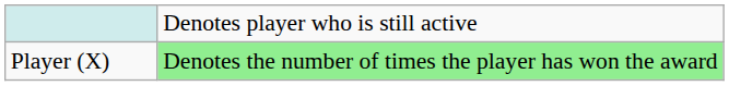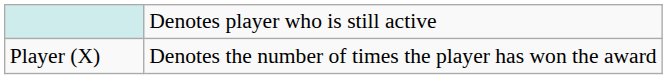 <table class="wikitable">
 <tr>
 <td style="background-color:#CFECEC; border:1px solid #aaaaaa; width:6em"></td>
 <td>Denotes player who is still active</td>
 </tr>
 <tr>
 <td>Player (X)</td>
-<td style="background: lightgreen;">Denotes the number of times the player has won the award</td>
+<td>Denotes the number of times the player has won the award</td>
 </tr>
 </table>
